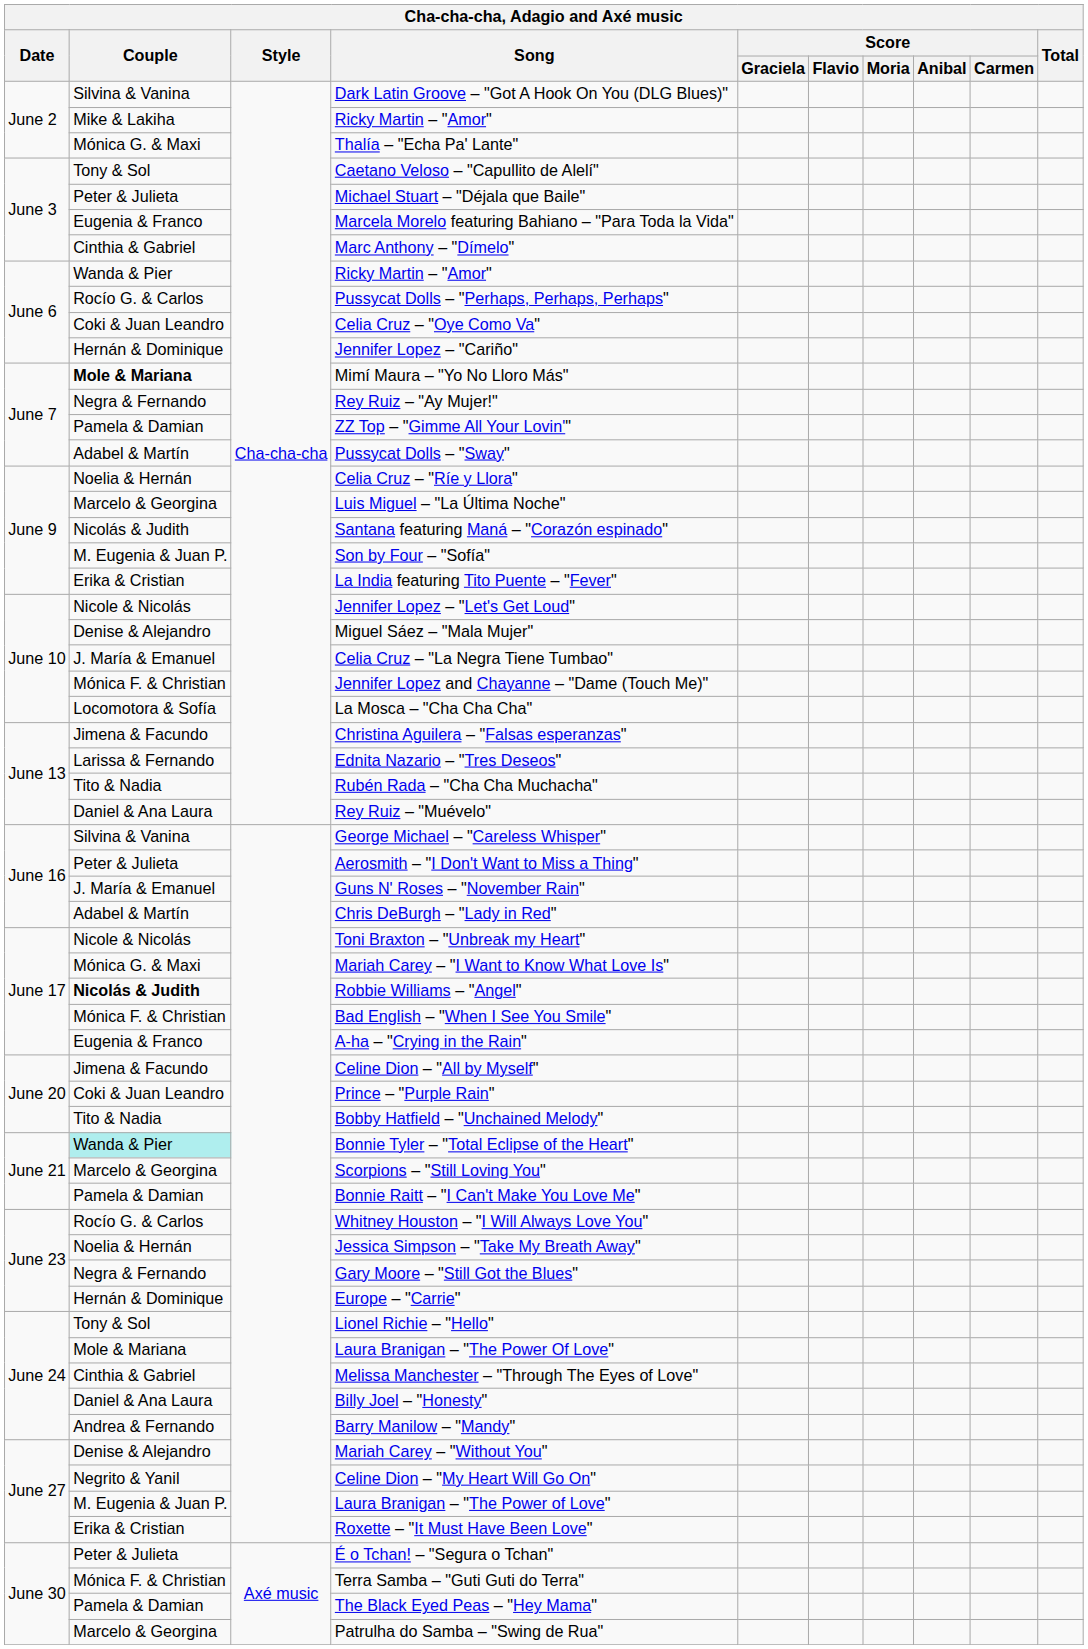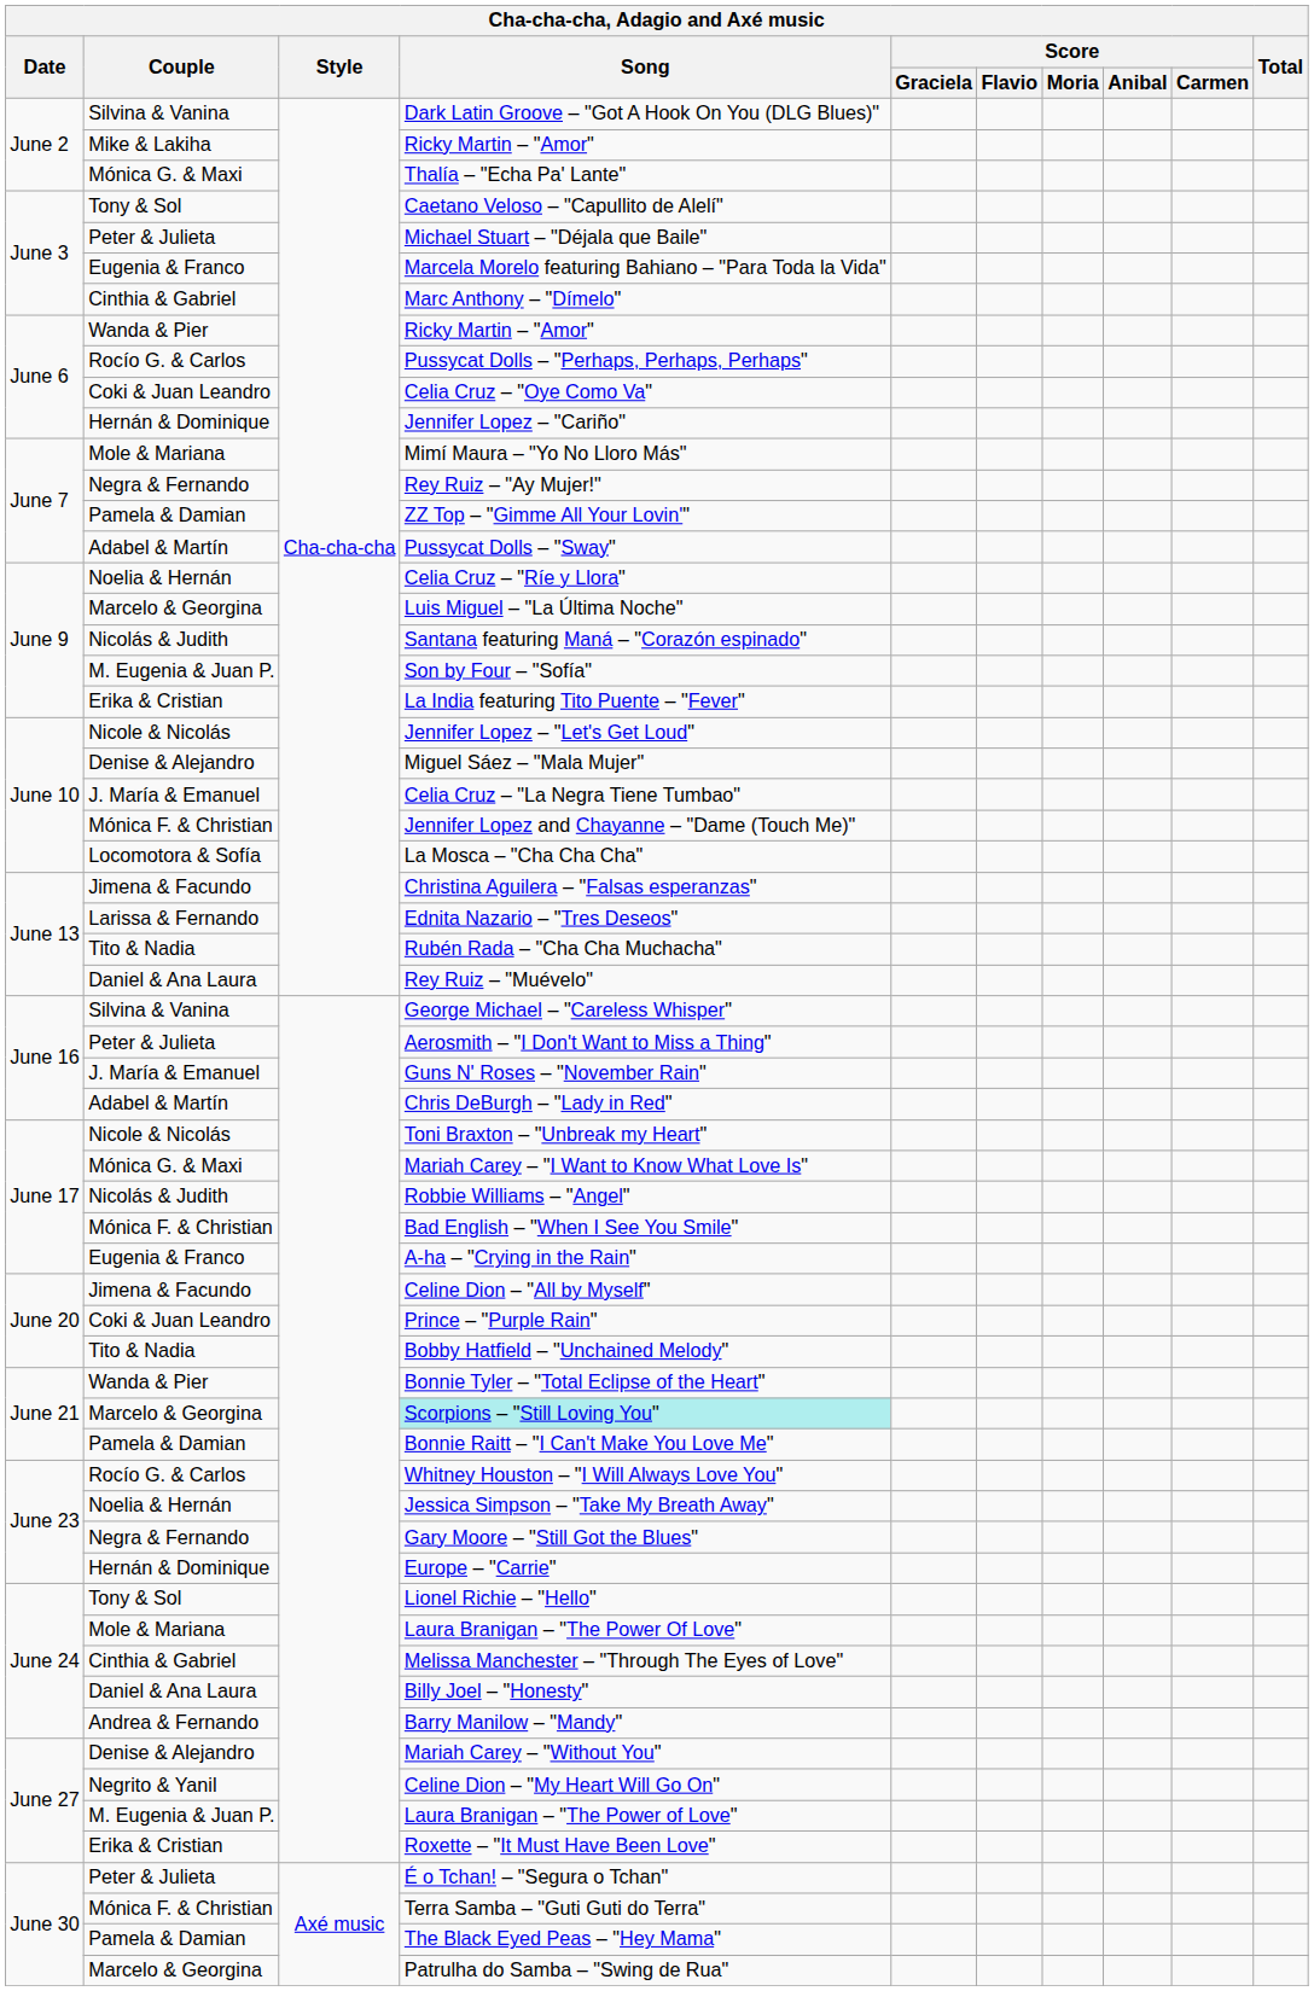 <table class="wikitable collapsible collapsed">
 <tr>
 <th colspan="10" style="text-align:center;"><strong>Cha-cha-cha, Adagio and Axé music</strong></th>
 </tr>
 <tr>
 <th rowspan="2">Date</th>
 <th rowspan="2">Couple</th>
 <th rowspan="2">Style</th>
 <th rowspan="2">Song</th>
 <th colspan="5">Score</th>
 <th rowspan="2">Total</th>
 </tr>
 <tr>
 <th>Graciela</th>
 <th>Flavio</th>
 <th>Moria</th>
 <th>Anibal</th>
 <th>Carmen</th>
 </tr>
 <tr>
 <td rowspan="3">June 2</td>
 <td>Silvina & Vanina</td>
 <td rowspan="29"><a href='#'>Cha-cha-cha</a></td>
 <td><a href='#'>Dark Latin Groove</a> – "Got A Hook On You (DLG Blues)"</td>
 <td></td>
 <td></td>
 <td></td>
 <td></td>
 <td></td>
 <td></td>
 </tr>
 <tr>
 <td>Mike & Lakiha</td>
 <td><a href='#'>Ricky Martin</a> – "<a href='#'>Amor</a>"</td>
 <td></td>
 <td></td>
 <td></td>
 <td></td>
 <td></td>
 <td></td>
 </tr>
 <tr>
 <td>Mónica G. & Maxi</td>
 <td><a href='#'>Thalía</a> – "Echa Pa' Lante"</td>
 <td></td>
 <td></td>
 <td></td>
 <td></td>
 <td></td>
 <td></td>
 </tr>
 <tr>
 <td rowspan="4">June 3</td>
 <td>Tony & Sol</td>
 <td><a href='#'>Caetano Veloso</a> – "Capullito de Alelí"</td>
 <td></td>
 <td></td>
 <td></td>
 <td></td>
 <td></td>
 <td></td>
 </tr>
 <tr>
 <td>Peter & Julieta</td>
 <td><a href='#'>Michael Stuart</a> – "Déjala que Baile"</td>
 <td></td>
 <td></td>
 <td></td>
 <td></td>
 <td></td>
 <td></td>
 </tr>
 <tr>
 <td>Eugenia & Franco</td>
 <td><a href='#'>Marcela Morelo</a> featuring Bahiano – "Para Toda la Vida"</td>
 <td></td>
 <td></td>
 <td></td>
 <td></td>
 <td></td>
 <td></td>
 </tr>
 <tr>
 <td>Cinthia & Gabriel</td>
 <td><a href='#'>Marc Anthony</a> – "<a href='#'>Dímelo</a>"</td>
 <td></td>
 <td></td>
 <td></td>
 <td></td>
 <td></td>
 <td></td>
 </tr>
 <tr>
 <td rowspan="4">June 6</td>
 <td>Wanda & Pier</td>
 <td><a href='#'>Ricky Martin</a> – "<a href='#'>Amor</a>"</td>
 <td></td>
 <td></td>
 <td></td>
 <td></td>
 <td></td>
 <td></td>
 </tr>
 <tr>
 <td>Rocío G. & Carlos</td>
 <td><a href='#'>Pussycat Dolls</a> – "<a href='#'>Perhaps, Perhaps, Perhaps</a>"</td>
 <td></td>
 <td></td>
 <td></td>
 <td></td>
 <td></td>
 <td></td>
 </tr>
 <tr>
 <td>Coki & Juan Leandro</td>
 <td><a href='#'>Celia Cruz</a> – "<a href='#'>Oye Como Va</a>"</td>
 <td></td>
 <td></td>
 <td></td>
 <td></td>
 <td></td>
 <td></td>
 </tr>
 <tr>
 <td>Hernán & Dominique</td>
 <td><a href='#'>Jennifer Lopez</a> – "Cariño"</td>
 <td></td>
 <td></td>
 <td></td>
 <td></td>
 <td></td>
 <td></td>
 </tr>
 <tr>
 <td rowspan="4">June 7</td>
-<td><strong>Mole & Mariana</strong></td>
+<td>Mole & Mariana</td>
 <td>Mimí Maura – "Yo No Lloro Más"</td>
 <td></td>
 <td></td>
 <td></td>
 <td></td>
 <td></td>
 <td></td>
 </tr>
 <tr>
 <td>Negra & Fernando</td>
 <td><a href='#'>Rey Ruiz</a> – "Ay Mujer!"</td>
 <td></td>
 <td></td>
 <td></td>
 <td></td>
 <td></td>
 <td></td>
 </tr>
 <tr>
 <td>Pamela & Damian</td>
 <td><a href='#'>ZZ Top</a> – "<a href='#'>Gimme All Your Lovin'</a>"</td>
 <td></td>
 <td></td>
 <td></td>
 <td></td>
 <td></td>
 <td></td>
 </tr>
 <tr>
 <td>Adabel & Martín</td>
 <td><a href='#'>Pussycat Dolls</a> – "<a href='#'>Sway</a>"</td>
 <td></td>
 <td></td>
 <td></td>
 <td></td>
 <td></td>
 <td></td>
 </tr>
 <tr>
 <td rowspan="5">June 9</td>
 <td>Noelia & Hernán</td>
 <td><a href='#'>Celia Cruz</a> – "<a href='#'>Ríe y Llora</a>"</td>
 <td></td>
 <td></td>
 <td></td>
 <td></td>
 <td></td>
 <td></td>
 </tr>
 <tr>
 <td>Marcelo & Georgina</td>
 <td><a href='#'>Luis Miguel</a> – "La Última Noche"</td>
 <td></td>
 <td></td>
 <td></td>
 <td></td>
 <td></td>
 <td></td>
 </tr>
 <tr>
 <td>Nicolás & Judith</td>
 <td><a href='#'>Santana</a> featuring <a href='#'>Maná</a> – "<a href='#'>Corazón espinado</a>"</td>
 <td></td>
 <td></td>
 <td></td>
 <td></td>
 <td></td>
 <td></td>
 </tr>
 <tr>
 <td>M. Eugenia & Juan P.</td>
 <td><a href='#'>Son by Four</a> – "Sofía"</td>
 <td></td>
 <td></td>
 <td></td>
 <td></td>
 <td></td>
 <td></td>
 </tr>
 <tr>
 <td>Erika & Cristian</td>
 <td><a href='#'>La India</a> featuring <a href='#'>Tito Puente</a> – "<a href='#'>Fever</a>"</td>
 <td></td>
 <td></td>
 <td></td>
 <td></td>
 <td></td>
 <td></td>
 </tr>
 <tr>
 <td rowspan="5">June 10</td>
 <td>Nicole & Nicolás</td>
 <td><a href='#'>Jennifer Lopez</a> – "<a href='#'>Let's Get Loud</a>"</td>
 <td></td>
 <td></td>
 <td></td>
 <td></td>
 <td></td>
 <td></td>
 </tr>
 <tr>
 <td>Denise & Alejandro</td>
 <td>Miguel Sáez – "Mala Mujer"</td>
 <td></td>
 <td></td>
 <td></td>
 <td></td>
 <td></td>
 <td></td>
 </tr>
 <tr>
 <td>J. María & Emanuel</td>
 <td><a href='#'>Celia Cruz</a> – "La Negra Tiene Tumbao"</td>
 <td></td>
 <td></td>
 <td></td>
 <td></td>
 <td></td>
 <td></td>
 </tr>
 <tr>
 <td>Mónica F. & Christian</td>
 <td><a href='#'>Jennifer Lopez</a> and <a href='#'>Chayanne</a> – "Dame (Touch Me)"</td>
 <td></td>
 <td></td>
 <td></td>
 <td></td>
 <td></td>
 <td></td>
 </tr>
 <tr>
 <td>Locomotora & Sofía</td>
 <td>La Mosca – "Cha Cha Cha"</td>
 <td></td>
 <td></td>
 <td></td>
 <td></td>
 <td></td>
 <td></td>
 </tr>
 <tr>
 <td rowspan="4">June 13</td>
 <td>Jimena & Facundo</td>
 <td><a href='#'>Christina Aguilera</a> – "<a href='#'>Falsas esperanzas</a>"</td>
 <td></td>
 <td></td>
 <td></td>
 <td></td>
 <td></td>
 <td></td>
 </tr>
 <tr>
 <td>Larissa & Fernando</td>
 <td><a href='#'>Ednita Nazario</a> – "<a href='#'>Tres Deseos</a>"</td>
 <td></td>
 <td></td>
 <td></td>
 <td></td>
 <td></td>
 <td></td>
 </tr>
 <tr>
 <td>Tito & Nadia</td>
 <td><a href='#'>Rubén Rada</a> – "Cha Cha Muchacha"</td>
 <td></td>
 <td></td>
 <td></td>
 <td></td>
 <td></td>
 <td></td>
 </tr>
 <tr>
 <td>Daniel & Ana Laura</td>
 <td><a href='#'>Rey Ruiz</a> – "Muévelo"</td>
 <td></td>
 <td></td>
 <td></td>
 <td></td>
 <td></td>
 <td></td>
 </tr>
 <tr>
 <td rowspan="4" style="text-align:center;">June 16</td>
 <td>Silvina & Vanina</td>
 <td rowspan="28"></td>
 <td><a href='#'>George Michael</a> – "<a href='#'>Careless Whisper</a>"</td>
 <td></td>
 <td></td>
 <td></td>
 <td></td>
 <td></td>
 <td></td>
 </tr>
 <tr>
 <td>Peter & Julieta</td>
 <td><a href='#'>Aerosmith</a> – "<a href='#'>I Don't Want to Miss a Thing</a>"</td>
 <td></td>
 <td></td>
 <td></td>
 <td></td>
 <td></td>
 <td></td>
 </tr>
 <tr>
 <td>J. María & Emanuel</td>
 <td><a href='#'>Guns N' Roses</a> – "<a href='#'>November Rain</a>"</td>
 <td></td>
 <td></td>
 <td></td>
 <td></td>
 <td></td>
 <td></td>
 </tr>
 <tr>
 <td>Adabel & Martín</td>
 <td><a href='#'>Chris DeBurgh</a> – "<a href='#'>Lady in Red</a>"</td>
 <td></td>
 <td></td>
 <td></td>
 <td></td>
 <td></td>
 <td></td>
 </tr>
 <tr>
 <td rowspan="5" style="text-align:center;">June 17</td>
 <td>Nicole & Nicolás</td>
 <td><a href='#'>Toni Braxton</a> – "<a href='#'>Unbreak my Heart</a>"</td>
 <td></td>
 <td></td>
 <td></td>
 <td></td>
 <td></td>
 <td></td>
 </tr>
 <tr>
 <td>Mónica G. & Maxi</td>
 <td><a href='#'>Mariah Carey</a> – "<a href='#'>I Want to Know What Love Is</a>"</td>
 <td></td>
 <td></td>
 <td></td>
 <td></td>
 <td></td>
 <td></td>
 </tr>
 <tr>
-<td><strong>Nicolás & Judith</strong></td>
+<td>Nicolás & Judith</td>
 <td><a href='#'>Robbie Williams</a> – "<a href='#'>Angel</a>"</td>
 <td></td>
 <td></td>
 <td></td>
 <td></td>
 <td></td>
 <td></td>
 </tr>
 <tr>
 <td>Mónica F. & Christian</td>
 <td><a href='#'>Bad English</a> – "<a href='#'>When I See You Smile</a>"</td>
 <td></td>
 <td></td>
 <td></td>
 <td></td>
 <td></td>
 <td></td>
 </tr>
 <tr>
 <td>Eugenia & Franco</td>
 <td><a href='#'>A-ha</a> – "<a href='#'>Crying in the Rain</a>"</td>
 <td></td>
 <td></td>
 <td></td>
 <td></td>
 <td></td>
 <td></td>
 </tr>
 <tr>
 <td rowspan="3" style="text-align:center;">June 20</td>
 <td>Jimena & Facundo</td>
 <td><a href='#'>Celine Dion</a> – "<a href='#'>All by Myself</a>"</td>
 <td></td>
 <td></td>
 <td></td>
 <td></td>
 <td></td>
 <td></td>
 </tr>
 <tr>
 <td>Coki & Juan Leandro</td>
 <td><a href='#'>Prince</a> – "<a href='#'>Purple Rain</a>"</td>
 <td></td>
 <td></td>
 <td></td>
 <td></td>
 <td></td>
 <td></td>
 </tr>
 <tr>
 <td>Tito & Nadia</td>
 <td><a href='#'>Bobby Hatfield</a> – "<a href='#'>Unchained Melody</a>"</td>
 <td></td>
 <td></td>
 <td></td>
 <td></td>
 <td></td>
 <td></td>
 </tr>
 <tr>
 <td rowspan="3" style="text-align:center;">June 21</td>
-<td style="background: paleturquoise;">Wanda & Pier</td>
+<td>Wanda & Pier</td>
 <td><a href='#'>Bonnie Tyler</a> – "<a href='#'>Total Eclipse of the Heart</a>"</td>
 <td></td>
 <td></td>
 <td></td>
 <td></td>
 <td></td>
 <td></td>
 </tr>
 <tr>
 <td>Marcelo & Georgina</td>
-<td><a href='#'>Scorpions</a> – "<a href='#'>Still Loving You</a>"</td>
+<td style="background: paleturquoise;"><a href='#'>Scorpions</a> – "<a href='#'>Still Loving You</a>"</td>
 <td></td>
 <td></td>
 <td></td>
 <td></td>
 <td></td>
 <td></td>
 </tr>
 <tr>
 <td>Pamela & Damian</td>
 <td><a href='#'>Bonnie Raitt</a> – "<a href='#'>I Can't Make You Love Me</a>"</td>
 <td></td>
 <td></td>
 <td></td>
 <td></td>
 <td></td>
 <td></td>
 </tr>
 <tr>
 <td rowspan="4" style="text-align:center;">June 23</td>
 <td>Rocío G. & Carlos</td>
 <td><a href='#'>Whitney Houston</a> – "<a href='#'>I Will Always Love You</a>"</td>
 <td></td>
 <td></td>
 <td></td>
 <td></td>
 <td></td>
 <td></td>
 </tr>
 <tr>
 <td>Noelia & Hernán</td>
 <td><a href='#'>Jessica Simpson</a> – "<a href='#'>Take My Breath Away</a>"</td>
 <td></td>
 <td></td>
 <td></td>
 <td></td>
 <td></td>
 <td></td>
 </tr>
 <tr>
 <td>Negra & Fernando</td>
 <td><a href='#'>Gary Moore</a> – "<a href='#'>Still Got the Blues</a>"</td>
 <td></td>
 <td></td>
 <td></td>
 <td></td>
 <td></td>
 <td></td>
 </tr>
 <tr>
 <td>Hernán & Dominique</td>
 <td><a href='#'>Europe</a> – "<a href='#'>Carrie</a>"</td>
 <td></td>
 <td></td>
 <td></td>
 <td></td>
 <td></td>
 <td></td>
 </tr>
 <tr>
 <td rowspan="5" style="text-align:center;">June 24</td>
 <td>Tony & Sol</td>
 <td><a href='#'>Lionel Richie</a> – "<a href='#'>Hello</a>"</td>
 <td></td>
 <td></td>
 <td></td>
 <td></td>
 <td></td>
 <td></td>
 </tr>
 <tr>
 <td>Mole & Mariana</td>
 <td><a href='#'>Laura Branigan</a> – "<a href='#'>The Power Of Love</a>"</td>
 <td></td>
 <td></td>
 <td></td>
 <td></td>
 <td></td>
 <td></td>
 </tr>
 <tr>
 <td>Cinthia & Gabriel</td>
 <td><a href='#'>Melissa Manchester</a> – "Through The Eyes of Love"</td>
 <td></td>
 <td></td>
 <td></td>
 <td></td>
 <td></td>
 <td></td>
 </tr>
 <tr>
 <td>Daniel & Ana Laura</td>
 <td><a href='#'>Billy Joel</a> – "<a href='#'>Honesty</a>"</td>
 <td></td>
 <td></td>
 <td></td>
 <td></td>
 <td></td>
 <td></td>
 </tr>
 <tr>
 <td>Andrea & Fernando</td>
 <td><a href='#'>Barry Manilow</a> – "<a href='#'>Mandy</a>"</td>
 <td></td>
 <td></td>
 <td></td>
 <td></td>
 <td></td>
 <td></td>
 </tr>
 <tr>
 <td rowspan="4" style="text-align:center;">June 27</td>
 <td>Denise & Alejandro</td>
 <td><a href='#'>Mariah Carey</a> – "<a href='#'>Without You</a>"</td>
 <td></td>
 <td></td>
 <td></td>
 <td></td>
 <td></td>
 <td></td>
 </tr>
 <tr>
 <td>Negrito & Yanil</td>
 <td><a href='#'>Celine Dion</a> – "<a href='#'>My Heart Will Go On</a>"</td>
 <td></td>
 <td></td>
 <td></td>
 <td></td>
 <td></td>
 <td></td>
 </tr>
 <tr>
 <td>M. Eugenia & Juan P.</td>
 <td><a href='#'>Laura Branigan</a> – "<a href='#'>The Power of Love</a>"</td>
 <td></td>
 <td></td>
 <td></td>
 <td></td>
 <td></td>
 <td></td>
 </tr>
 <tr>
 <td>Erika & Cristian</td>
 <td><a href='#'>Roxette</a> – "<a href='#'>It Must Have Been Love</a>"</td>
 <td></td>
 <td></td>
 <td></td>
 <td></td>
 <td></td>
 <td></td>
 </tr>
 <tr>
 <td rowspan="4" style="text-align:center;">June 30</td>
 <td>Peter & Julieta</td>
 <td rowspan="4" style="text-align:center;"><a href='#'>Axé music</a></td>
 <td><a href='#'>É o Tchan!</a> – "Segura o Tchan"</td>
 <td></td>
 <td></td>
 <td></td>
 <td></td>
 <td></td>
 <td></td>
 </tr>
 <tr>
 <td>Mónica F. & Christian</td>
 <td>Terra Samba – "Guti Guti do Terra"</td>
 <td></td>
 <td></td>
 <td></td>
 <td></td>
 <td></td>
 <td></td>
 </tr>
 <tr>
 <td>Pamela & Damian</td>
 <td><a href='#'>The Black Eyed Peas</a> – "<a href='#'>Hey Mama</a>"</td>
 <td></td>
 <td></td>
 <td></td>
 <td></td>
 <td></td>
 <td></td>
 </tr>
 <tr>
 <td>Marcelo & Georgina</td>
 <td>Patrulha do Samba – "Swing de Rua"</td>
 <td></td>
 <td></td>
 <td></td>
 <td></td>
 <td></td>
 <td></td>
 </tr>
 </table>
